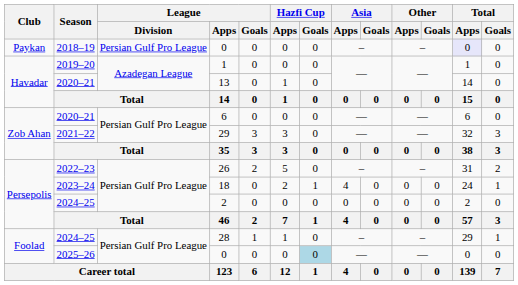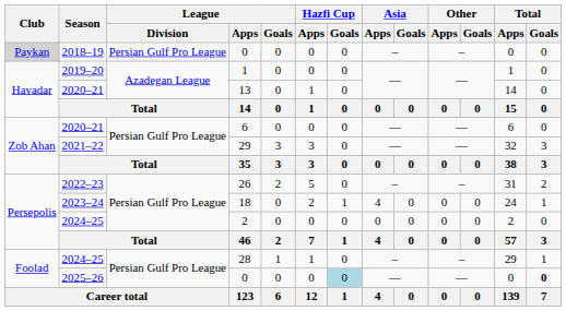 <table class="wikitable" style="text-align:center">
 <tr>
 <th rowspan="2">Club</th>
 <th rowspan="2">Season</th>
 <th colspan="3">League</th>
 <th colspan="2"><a href='#'>Hazfi Cup</a></th>
 <th colspan="2"><a href='#'>Asia</a></th>
 <th colspan="2">Other</th>
 <th colspan="2">Total</th>
 </tr>
 <tr>
 <th>Division</th>
 <th>Apps</th>
 <th>Goals</th>
 <th>Apps</th>
 <th>Goals</th>
 <th>Apps</th>
 <th>Goals</th>
 <th>Apps</th>
 <th>Goals</th>
 <th>Apps</th>
 <th>Goals</th>
 </tr>
 <tr>
-<td><a href='#'>Paykan</a></td>
+<td style="background: lightgrey;"><a href='#'>Paykan</a></td>
 <td><a href='#'>2018–19</a></td>
 <td><a href='#'>Persian Gulf Pro League</a></td>
 <td>0</td>
 <td>0</td>
 <td>0</td>
 <td>0</td>
 <td colspan="2">–</td>
 <td colspan="2">–</td>
-<td style="background: lavender;">0</td>
+<td>0</td>
 <td>0</td>
 </tr>
 <tr>
 <td rowspan="3"><a href='#'>Havadar</a></td>
 <td><a href='#'>2019–20</a></td>
 <td rowspan="2"><a href='#'>Azadegan League</a></td>
 <td>1</td>
 <td>0</td>
 <td>0</td>
 <td>0</td>
 <td colspan="2" rowspan="2">—</td>
 <td colspan="2" rowspan="2">—</td>
 <td>1</td>
 <td>0</td>
 </tr>
 <tr>
 <td><a href='#'>2020–21</a></td>
 <td>13</td>
 <td>0</td>
 <td>1</td>
 <td>0</td>
 <td>14</td>
 <td>0</td>
 </tr>
 <tr>
 <th colspan="2">Total</th>
 <th>14</th>
 <th>0</th>
 <th>1</th>
 <th>0</th>
 <th>0</th>
 <th>0</th>
 <th>0</th>
 <th>0</th>
 <th>15</th>
 <th>0</th>
 </tr>
 <tr>
 <td rowspan="3"><a href='#'>Zob Ahan</a></td>
 <td><a href='#'>2020–21</a></td>
 <td rowspan="2">Persian Gulf Pro League</td>
 <td>6</td>
 <td>0</td>
 <td>0</td>
 <td>0</td>
 <td colspan="2">—</td>
 <td colspan="2">—</td>
 <td>6</td>
 <td>0</td>
 </tr>
 <tr>
 <td><a href='#'>2021–22</a></td>
 <td>29</td>
 <td>3</td>
 <td>3</td>
 <td>0</td>
 <td colspan="2">—</td>
 <td colspan="2">—</td>
 <td>32</td>
 <td>3</td>
 </tr>
 <tr>
 <th colspan="2">Total</th>
 <th>35</th>
 <th>3</th>
 <th>3</th>
 <th>0</th>
 <th>0</th>
 <th>0</th>
 <th>0</th>
 <th>0</th>
 <th>38</th>
 <th>3</th>
 </tr>
 <tr>
 <td rowspan="4"><a href='#'>Persepolis</a></td>
 <td><a href='#'>2022–23</a></td>
 <td rowspan="3">Persian Gulf Pro League</td>
 <td>26</td>
 <td>2</td>
 <td>5</td>
 <td>0</td>
 <td colspan="2">–</td>
 <td colspan="2">–</td>
 <td>31</td>
 <td>2</td>
 </tr>
 <tr>
 <td><a href='#'>2023–24</a></td>
 <td>18</td>
 <td>0</td>
 <td>2</td>
 <td>1</td>
 <td>4</td>
 <td>0</td>
 <td>0</td>
 <td>0</td>
 <td>24</td>
 <td>1</td>
 </tr>
 <tr>
 <td><a href='#'>2024–25</a></td>
 <td>2</td>
 <td>0</td>
 <td>0</td>
 <td>0</td>
 <td>0</td>
 <td>0</td>
 <td>0</td>
 <td>0</td>
 <td>2</td>
 <td>0</td>
 </tr>
 <tr>
 <th colspan="2">Total</th>
 <th>46</th>
 <th>2</th>
 <th>7</th>
 <th>1</th>
 <th>4</th>
 <th>0</th>
 <th>0</th>
 <th>0</th>
 <th>57</th>
 <th>3</th>
 </tr>
 <tr>
 <td rowspan="2"><a href='#'>Foolad</a></td>
 <td><a href='#'>2024–25</a></td>
 <td rowspan="2">Persian Gulf Pro League</td>
 <td>28</td>
 <td>1</td>
 <td>1</td>
 <td>0</td>
 <td colspan="2">–</td>
 <td colspan="2">–</td>
 <td>29</td>
 <td>1</td>
 </tr>
 <tr>
 <td><a href='#'>2025–26</a></td>
 <td>0</td>
 <td>0</td>
 <td>0</td>
 <td style="background: lightblue;">0</td>
 <td colspan="2">—</td>
 <td colspan="2">—</td>
 <td>0</td>
-<td>0</td>
+<td><strong>0</strong></td>
 </tr>
 <tr>
 <th colspan="3">Career total</th>
 <th>123</th>
 <th>6</th>
 <th>12</th>
 <th>1</th>
 <th>4</th>
 <th>0</th>
 <th>0</th>
 <th>0</th>
 <th>139</th>
 <th>7</th>
 </tr>
 </table>
